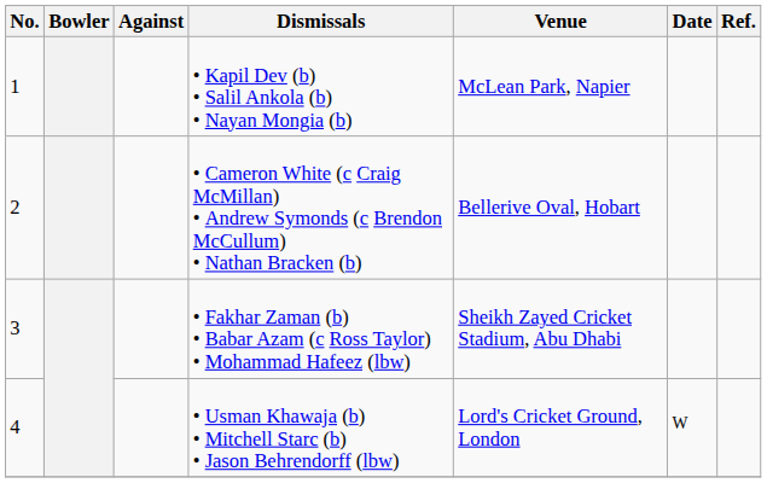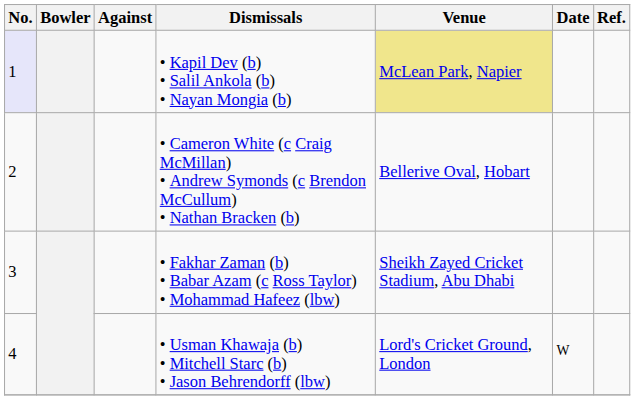 <table class="wikitable sortable plainrowheaders" style="font-size: 100%">
 <tr>
 <th scope="col">No.</th>
 <th scope="col">Bowler</th>
 <th scope="col">Against</th>
 <th scope="col">Dismissals</th>
 <th scope="col">Venue</th>
 <th scope="col">Date</th>
 <th scope="col" class="unsortable">Ref.</th>
 </tr>
 <tr>
-<td>1</td>
+<td style="background: lavender;">1</td>
 <th scope="row"></th>
 <td></td>
 <td><br>• <a href='#'>Kapil Dev</a> (<a href='#'>b</a>)<br> • <a href='#'>Salil Ankola</a> (<a href='#'>b</a>)<br> • <a href='#'>Nayan Mongia</a> (<a href='#'>b</a>)</td>
-<td> <a href='#'>McLean Park</a>, <a href='#'>Napier</a></td>
+<td style="background: khaki;"> <a href='#'>McLean Park</a>, <a href='#'>Napier</a></td>
 <td></td>
 <td></td>
 </tr>
 <tr>
 <td>2</td>
 <th scope="row"></th>
 <td></td>
 <td><br>• <a href='#'>Cameron White</a> (<a href='#'>c</a> <a href='#'>Craig McMillan</a>)<br> • <a href='#'>Andrew Symonds</a> (<a href='#'>c</a> <a href='#'>Brendon McCullum</a>)<br> • <a href='#'>Nathan Bracken</a> (<a href='#'>b</a>)</td>
 <td> <a href='#'>Bellerive Oval</a>, <a href='#'>Hobart</a></td>
 <td></td>
 <td></td>
 </tr>
 <tr>
 <td>3</td>
 <th scope="row" rowspan=2></th>
 <td></td>
 <td><br>• <a href='#'>Fakhar Zaman</a> (<a href='#'>b</a>)<br> • <a href='#'>Babar Azam</a> (<a href='#'>c</a> <a href='#'>Ross Taylor</a>)<br> • <a href='#'>Mohammad Hafeez</a> (<a href='#'>lbw</a>)<br></td>
 <td> <a href='#'>Sheikh Zayed Cricket Stadium</a>, <a href='#'>Abu Dhabi</a></td>
 <td></td>
 <td></td>
 </tr>
 <tr>
 <td>4</td>
 <td></td>
 <td><br>• <a href='#'>Usman Khawaja</a> (<a href='#'>b</a>)<br> • <a href='#'>Mitchell Starc</a> (<a href='#'>b</a>)<br> • <a href='#'>Jason Behrendorff</a> (<a href='#'>lbw</a>)<br></td>
 <td> <a href='#'>Lord's Cricket Ground</a>, <a href='#'>London</a></td>
 <td> <sup>W</sup></td>
 <td></td>
 </tr>
 <tr>
 </tr>
 </table>
